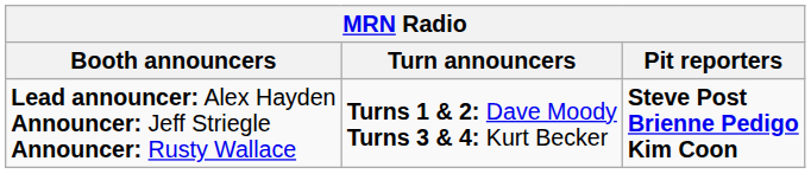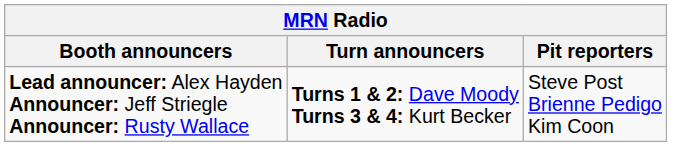 <table class="wikitable" style="font-size: 95%">
 <tr>
 <th colspan="3"><a href='#'>MRN</a> Radio</th>
 </tr>
 <tr>
 <th>Booth announcers</th>
 <th>Turn announcers</th>
 <th>Pit reporters</th>
 </tr>
 <tr>
 <td><strong>Lead announcer:</strong> Alex Hayden<br><strong>Announcer:</strong> Jeff Striegle<br><strong>Announcer:</strong> <a href='#'>Rusty Wallace</a></td>
 <td><strong>Turns 1 & 2:</strong> <a href='#'>Dave Moody</a><br><strong>Turns 3 & 4:</strong> Kurt Becker</td>
-<td><strong>Steve Post<br><a href='#'>Brienne Pedigo</a><br>Kim Coon</strong></td>
+<td>Steve Post<br><a href='#'>Brienne Pedigo</a><br>Kim Coon</td>
 </tr>
 </table>
